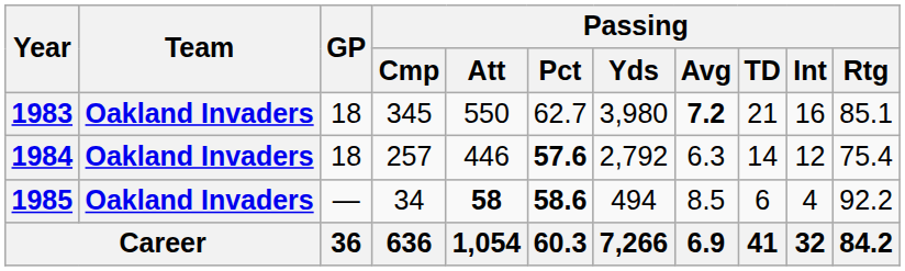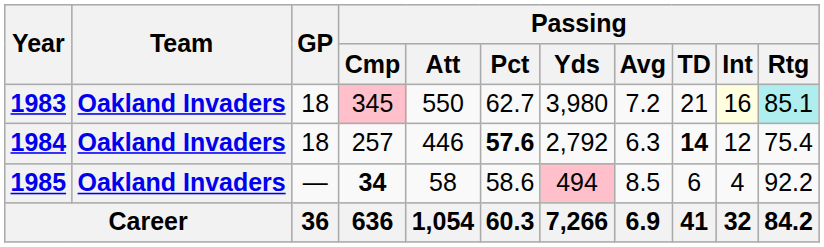 <table class=wikitable style="text-align:center;">
 <tr>
 <th rowspan="2">Year</th>
 <th rowspan="2">Team</th>
 <th rowspan="2">GP</th>
 <th colspan="8">Passing</th>
 </tr>
 <tr>
 <th>Cmp</th>
 <th>Att</th>
 <th>Pct</th>
 <th>Yds</th>
 <th>Avg</th>
 <th>TD</th>
 <th>Int</th>
 <th>Rtg</th>
 </tr>
 <tr>
 <th><a href='#'>1983</a></th>
 <th><a href='#'>Oakland Invaders</a></th>
 <td>18</td>
-<td>345</td>
+<td style="background: pink;">345</td>
 <td>550</td>
 <td>62.7</td>
 <td>3,980</td>
-<td><strong>7.2</strong></td>
+<td>7.2</td>
 <td>21</td>
-<td>16</td>
-<td>85.1</td>
+<td style="background: lightyellow;">16</td>
+<td style="background: paleturquoise;">85.1</td>
 </tr>
 <tr>
 <th><a href='#'>1984</a></th>
 <th><a href='#'>Oakland Invaders</a></th>
 <td>18</td>
 <td>257</td>
 <td>446</td>
 <td><strong>57.6</strong></td>
 <td>2,792</td>
 <td>6.3</td>
-<td>14</td>
+<td><strong>14</strong></td>
 <td>12</td>
 <td>75.4</td>
 </tr>
 <tr>
 <th><a href='#'>1985</a></th>
 <th><a href='#'>Oakland Invaders</a></th>
 <td>—</td>
-<td>34</td>
-<td><strong>58</strong></td>
-<td><strong>58.6</strong></td>
-<td>494</td>
+<td><strong>34</strong></td>
+<td>58</td>
+<td>58.6</td>
+<td style="background: pink;">494</td>
 <td>8.5</td>
 <td>6</td>
 <td>4</td>
 <td>92.2</td>
 </tr>
 <tr>
 <th colspan="2">Career</th>
 <th>36</th>
 <th>636</th>
 <th>1,054</th>
 <th>60.3</th>
 <th>7,266</th>
 <th>6.9</th>
 <th>41</th>
 <th>32</th>
 <th>84.2</th>
 </tr>
 </table>
